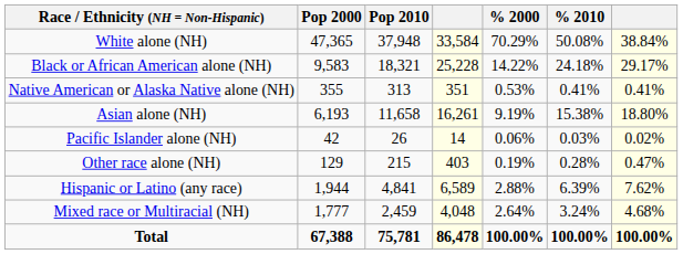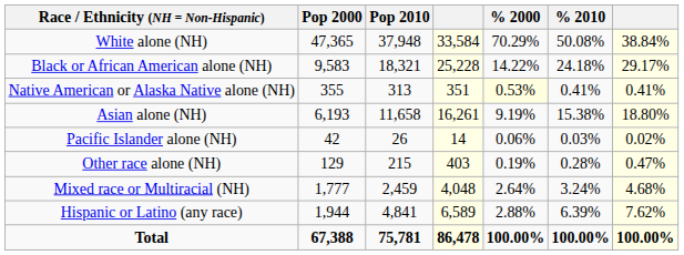 <table class="wikitable" style="text-align:center;">
 <tr>
 <th>Race / Ethnicity <small>(<em>NH = Non-Hispanic</em>)</small></th>
 <th>Pop 2000</th>
 <th>Pop 2010</th>
 <th></th>
 <th>% 2000</th>
 <th>% 2010</th>
 <th></th>
 </tr>
 <tr>
 <td><a href='#'>White</a> alone (NH)</td>
 <td>47,365</td>
 <td>37,948</td>
 <td style='background: #ffffe6;'>33,584</td>
 <td>70.29%</td>
 <td>50.08%</td>
 <td style='background: #ffffe6;'>38.84%</td>
 </tr>
 <tr>
 <td><a href='#'>Black or African American</a> alone (NH)</td>
 <td>9,583</td>
 <td>18,321</td>
 <td style='background: #ffffe6;'>25,228</td>
 <td>14.22%</td>
 <td>24.18%</td>
 <td style='background: #ffffe6;'>29.17%</td>
 </tr>
 <tr>
 <td><a href='#'>Native American</a> or <a href='#'>Alaska Native</a> alone (NH)</td>
 <td>355</td>
 <td>313</td>
 <td style='background: #ffffe6;'>351</td>
-<td>0.53%</td>
+<td style="background: lightyellow;">0.53%</td>
 <td>0.41%</td>
 <td style='background: #ffffe6;'>0.41%</td>
 </tr>
 <tr>
 <td><a href='#'>Asian</a> alone (NH)</td>
 <td>6,193</td>
 <td>11,658</td>
 <td style='background: #ffffe6;'>16,261</td>
 <td>9.19%</td>
 <td>15.38%</td>
 <td style='background: #ffffe6;'>18.80%</td>
 </tr>
 <tr>
 <td><a href='#'>Pacific Islander</a> alone (NH)</td>
 <td>42</td>
 <td>26</td>
 <td style='background: #ffffe6;'>14</td>
 <td>0.06%</td>
 <td>0.03%</td>
 <td style='background: #ffffe6;'>0.02%</td>
 </tr>
 <tr>
 <td><a href='#'>Other race</a> alone (NH)</td>
 <td>129</td>
 <td>215</td>
 <td style='background: #ffffe6;'>403</td>
 <td>0.19%</td>
 <td>0.28%</td>
 <td style='background: #ffffe6;'>0.47%</td>
 </tr>
 <tr>
+<td><a href='#'>Mixed race or Multiracial</a> (NH)</td>
+<td>1,777</td>
+<td>2,459</td>
+<td style='background: #ffffe6;'>4,048</td>
+<td>2.64%</td>
+<td>3.24%</td>
+<td style='background: #ffffe6;'>4.68%</td>
+</tr>
+<tr>
 <td><a href='#'>Hispanic or Latino</a> (any race)</td>
 <td>1,944</td>
 <td>4,841</td>
 <td style='background: #ffffe6;'>6,589</td>
 <td>2.88%</td>
 <td>6.39%</td>
 <td style='background: #ffffe6;'>7.62%</td>
-</tr>
-<tr>
-<td><a href='#'>Mixed race or Multiracial</a> (NH)</td>
-<td>1,777</td>
-<td>2,459</td>
-<td style='background: #ffffe6;'>4,048</td>
-<td>2.64%</td>
-<td>3.24%</td>
-<td style='background: #ffffe6;'>4.68%</td>
 </tr>
 <tr>
 <td><strong>Total</strong></td>
 <td><strong>67,388</strong></td>
 <td><strong>75,781</strong></td>
 <td style='background: #ffffe6;'><strong>86,478</strong></td>
 <td><strong>100.00%</strong></td>
 <td><strong>100.00%</strong></td>
 <td style='background: #ffffe6;'><strong>100.00%</strong></td>
 </tr>
 </table>
